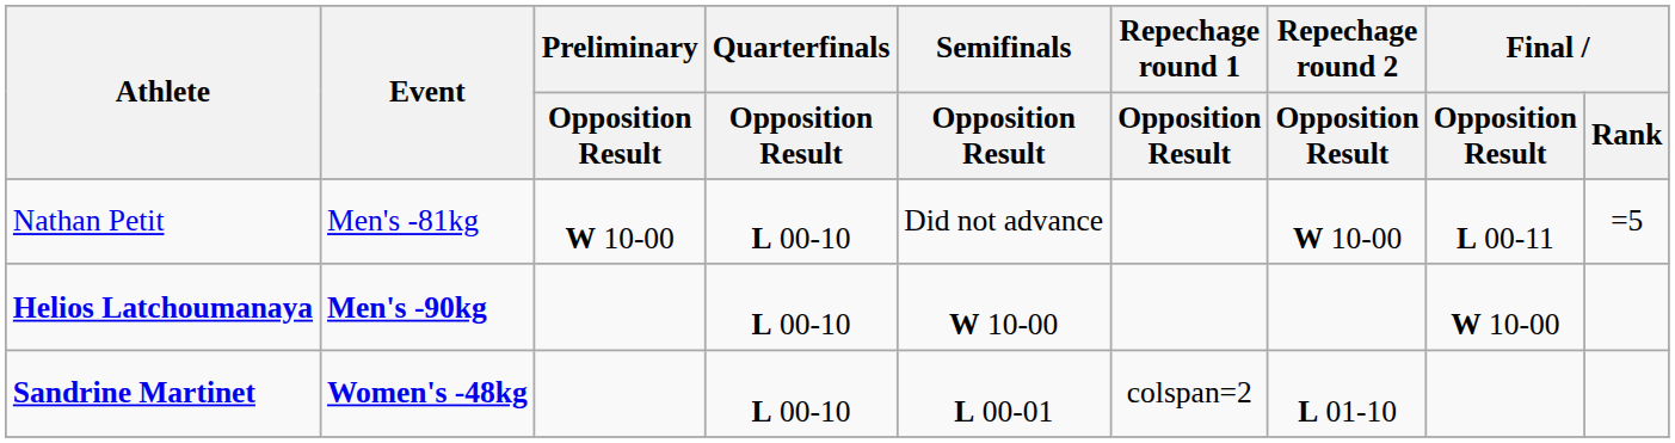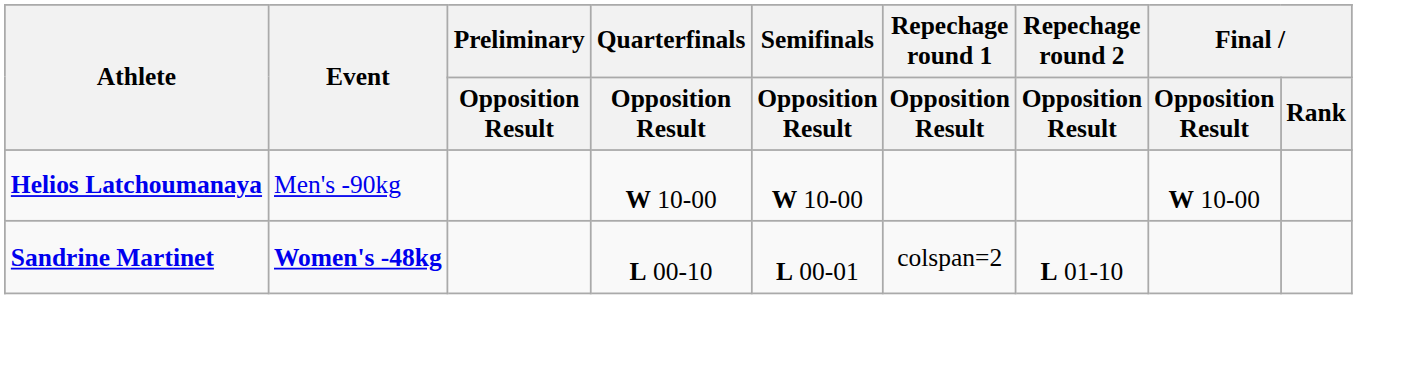 <table class= wikitable style="font-size:90%">
 <tr>
 <th rowspan="2">Athlete</th>
 <th rowspan="2">Event</th>
 <th>Preliminary</th>
 <th>Quarterfinals</th>
 <th>Semifinals</th>
 <th>Repechage <br>round 1</th>
 <th>Repechage <br>round 2</th>
 <th colspan=2>Final / </th>
 </tr>
 <tr>
 <th>Opposition<br>Result</th>
 <th>Opposition<br>Result</th>
 <th>Opposition<br>Result</th>
 <th>Opposition<br>Result</th>
 <th>Opposition<br>Result</th>
 <th>Opposition<br>Result</th>
 <th>Rank</th>
 </tr>
 <tr align=center>
-<td align=left><a href='#'>Nathan Petit</a></td>
-<td align=left><a href='#'>Men's -81kg</a></td>
-<td><br><strong>W</strong> 10-00</td>
-<td><br><strong>L</strong> 00-10</td>
-<td>Did not advance</td>
+<td align=left><strong><a href='#'>Helios Latchoumanaya</a></strong></td>
+<td align=left><a href='#'>Men's -90kg</a></td>
 <td></td>
 <td><br><strong>W</strong> 10-00</td>
-<td><br><strong>L</strong> 00-11</td>
-<td>=5</td>
-</tr>
-<tr align=center>
-<td align=left><strong><a href='#'>Helios Latchoumanaya</a></strong></td>
-<td align=left><strong><a href='#'>Men's -90kg</a></strong></td>
-<td></td>
-<td><br><strong>L</strong> 00-10</td>
 <td><br><strong>W</strong> 10-00</td>
 <td></td>
 <td></td>
 <td><br><strong>W</strong> 10-00</td>
 <td></td>
 </tr>
 <tr align=center>
 <td align=left><strong><a href='#'>Sandrine Martinet</a></strong></td>
 <td align=left><strong><a href='#'>Women's -48kg</a></strong></td>
 <td></td>
 <td><br><strong>L</strong> 00-10</td>
 <td><br><strong>L</strong> 00-01</td>
 <td>colspan=2 </td>
 <td><br><strong>L</strong> 01-10</td>
 <td></td>
 </tr>
 </table>
